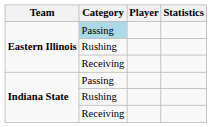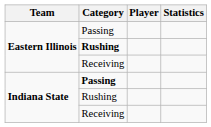 <table class="wikitable" style="float: right;">
 <tr>
 <th>Team</th>
 <th>Category</th>
 <th>Player</th>
 <th>Statistics</th>
 </tr>
 <tr>
 <td rowspan=3><strong>Eastern Illinois</strong></td>
-<td style="background: lightblue;">Passing</td>
+<td>Passing</td>
 <td></td>
 <td></td>
 </tr>
 <tr>
-<td>Rushing</td>
+<td><strong>Rushing</strong></td>
 <td></td>
 <td></td>
 </tr>
 <tr>
 <td>Receiving</td>
 <td></td>
 <td></td>
 </tr>
 <tr>
 <td rowspan=3><strong>Indiana State</strong></td>
-<td>Passing</td>
+<td><strong>Passing</strong></td>
 <td></td>
 <td></td>
 </tr>
 <tr>
 <td>Rushing</td>
 <td></td>
 <td></td>
 </tr>
 <tr>
 <td>Receiving</td>
 <td></td>
 <td></td>
 </tr>
 </table>
